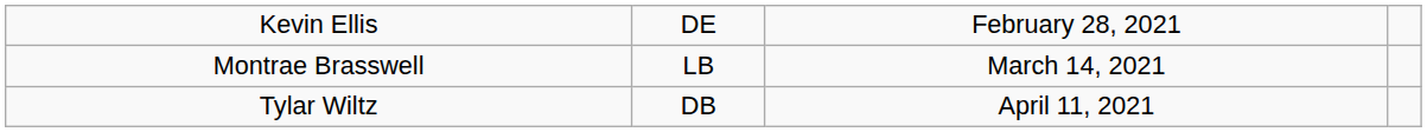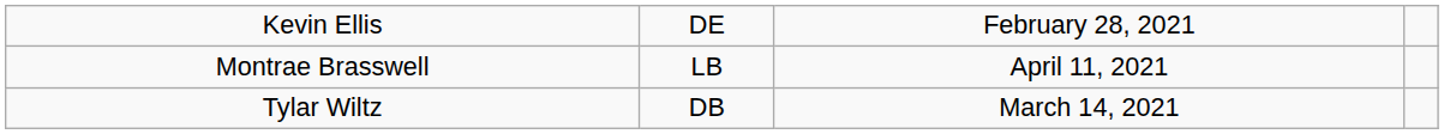 <table class="wikitable" style="width: 70%;text-align: center;">
 <tr align="center">
 <td>Kevin Ellis</td>
 <td>DE</td>
 <td>February 28, 2021</td>
 <td></td>
 </tr>
 <tr>
 <td>Montrae Brasswell</td>
 <td>LB</td>
-<td>March 14, 2021</td>
+<td>April 11, 2021</td>
 <td></td>
 </tr>
 <tr>
 <td>Tylar Wiltz</td>
 <td>DB</td>
-<td>April 11, 2021</td>
+<td>March 14, 2021</td>
 <td></td>
 </tr>
 </table>
